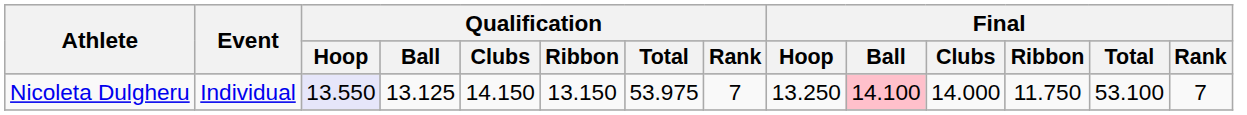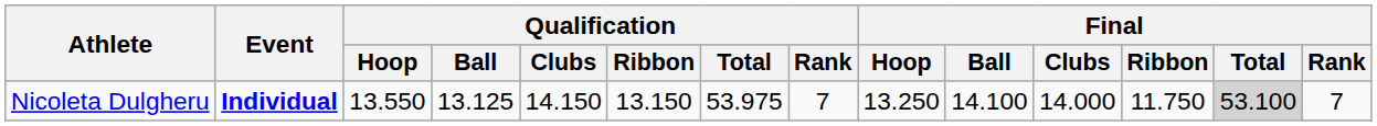 <table class=wikitable style="font-size:90%">
 <tr>
 <th rowspan=2>Athlete</th>
 <th rowspan=2>Event</th>
 <th colspan=6>Qualification</th>
 <th colspan=6>Final</th>
 </tr>
 <tr style="font-size:95%">
 <th>Hoop</th>
 <th>Ball</th>
 <th>Clubs</th>
 <th>Ribbon</th>
 <th>Total</th>
 <th>Rank</th>
 <th>Hoop</th>
 <th>Ball</th>
 <th>Clubs</th>
 <th>Ribbon</th>
 <th>Total</th>
 <th>Rank</th>
 </tr>
 <tr align=center>
 <td align=left><a href='#'>Nicoleta Dulgheru</a></td>
-<td align=left><a href='#'>Individual</a></td>
-<td style="background: lavender;">13.550</td>
+<td align=left><strong><a href='#'>Individual</a></strong></td>
+<td>13.550</td>
 <td>13.125</td>
 <td>14.150</td>
 <td>13.150</td>
 <td>53.975</td>
 <td>7</td>
 <td>13.250</td>
-<td style="background: pink;">14.100</td>
+<td>14.100</td>
 <td>14.000</td>
 <td>11.750</td>
-<td>53.100</td>
+<td style="background: lightgrey;">53.100</td>
 <td>7</td>
 </tr>
 </table>
